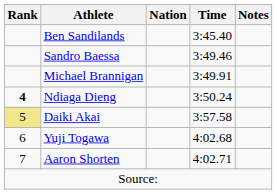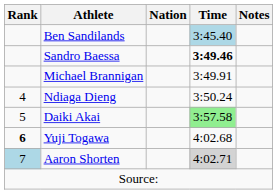 <table class="wikitable sortable" style="text-align:center;">
 <tr>
 <th scope="col">Rank</th>
 <th scope="col">Athlete</th>
 <th scope="col">Nation</th>
 <th scope="col">Time</th>
 <th scope="col">Notes</th>
 </tr>
 <tr>
 <td></td>
 <td align=left><a href='#'>Ben Sandilands</a></td>
 <td align=left></td>
-<td>3:45.40</td>
+<td style="background: lightblue;">3:45.40</td>
 <td><strong></strong></td>
 </tr>
 <tr>
 <td></td>
 <td align=left><a href='#'>Sandro Baessa</a></td>
 <td align=left></td>
-<td>3:49.46</td>
+<td><strong>3:49.46</strong></td>
 <td></td>
 </tr>
 <tr>
 <td></td>
 <td align=left><a href='#'>Michael Brannigan</a></td>
 <td align=left></td>
 <td>3:49.91</td>
 <td></td>
 </tr>
 <tr>
-<td><strong>4</strong></td>
+<td>4</td>
 <td align=left><a href='#'>Ndiaga Dieng</a></td>
 <td align=left></td>
 <td>3:50.24</td>
 <td></td>
 </tr>
 <tr>
-<td style="background: khaki;">5</td>
+<td>5</td>
 <td align=left><a href='#'>Daiki Akai</a></td>
 <td align=left></td>
-<td>3:57.58</td>
+<td style="background: lightgreen;">3:57.58</td>
 <td></td>
 </tr>
 <tr>
-<td>6</td>
+<td><strong>6</strong></td>
 <td align=left><a href='#'>Yuji Togawa</a></td>
 <td align=left></td>
 <td>4:02.68</td>
 <td></td>
 </tr>
 <tr>
-<td>7</td>
+<td style="background: lightblue;">7</td>
 <td align=left><a href='#'>Aaron Shorten</a></td>
 <td align=left></td>
-<td>4:02.71</td>
+<td style="background: lightgrey;">4:02.71</td>
 <td></td>
 </tr>
 <tr class="sortbottom">
 <td colspan=5>Source:</td>
 </tr>
 </table>
